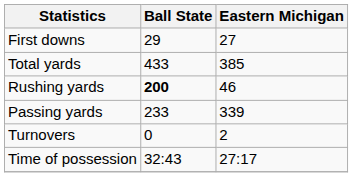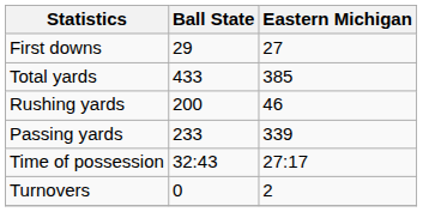 <table class="wikitable">
 <tr>
 <th>Statistics</th>
 <th>Ball State</th>
 <th>Eastern Michigan</th>
 </tr>
 <tr>
 <td>First downs</td>
 <td>29</td>
 <td>27</td>
 </tr>
 <tr>
 <td>Total yards</td>
 <td>433</td>
 <td>385</td>
 </tr>
 <tr>
 <td>Rushing yards</td>
-<td><strong>200</strong></td>
+<td>200</td>
 <td>46</td>
 </tr>
 <tr>
 <td>Passing yards</td>
 <td>233</td>
 <td>339</td>
 </tr>
 <tr>
+<td>Time of possession</td>
+<td>32:43</td>
+<td>27:17</td>
+</tr>
+<tr>
 <td>Turnovers</td>
 <td>0</td>
 <td>2</td>
 </tr>
 <tr>
-<td>Time of possession</td>
-<td>32:43</td>
-<td>27:17</td>
-</tr>
-<tr>
 </tr>
 </table>
